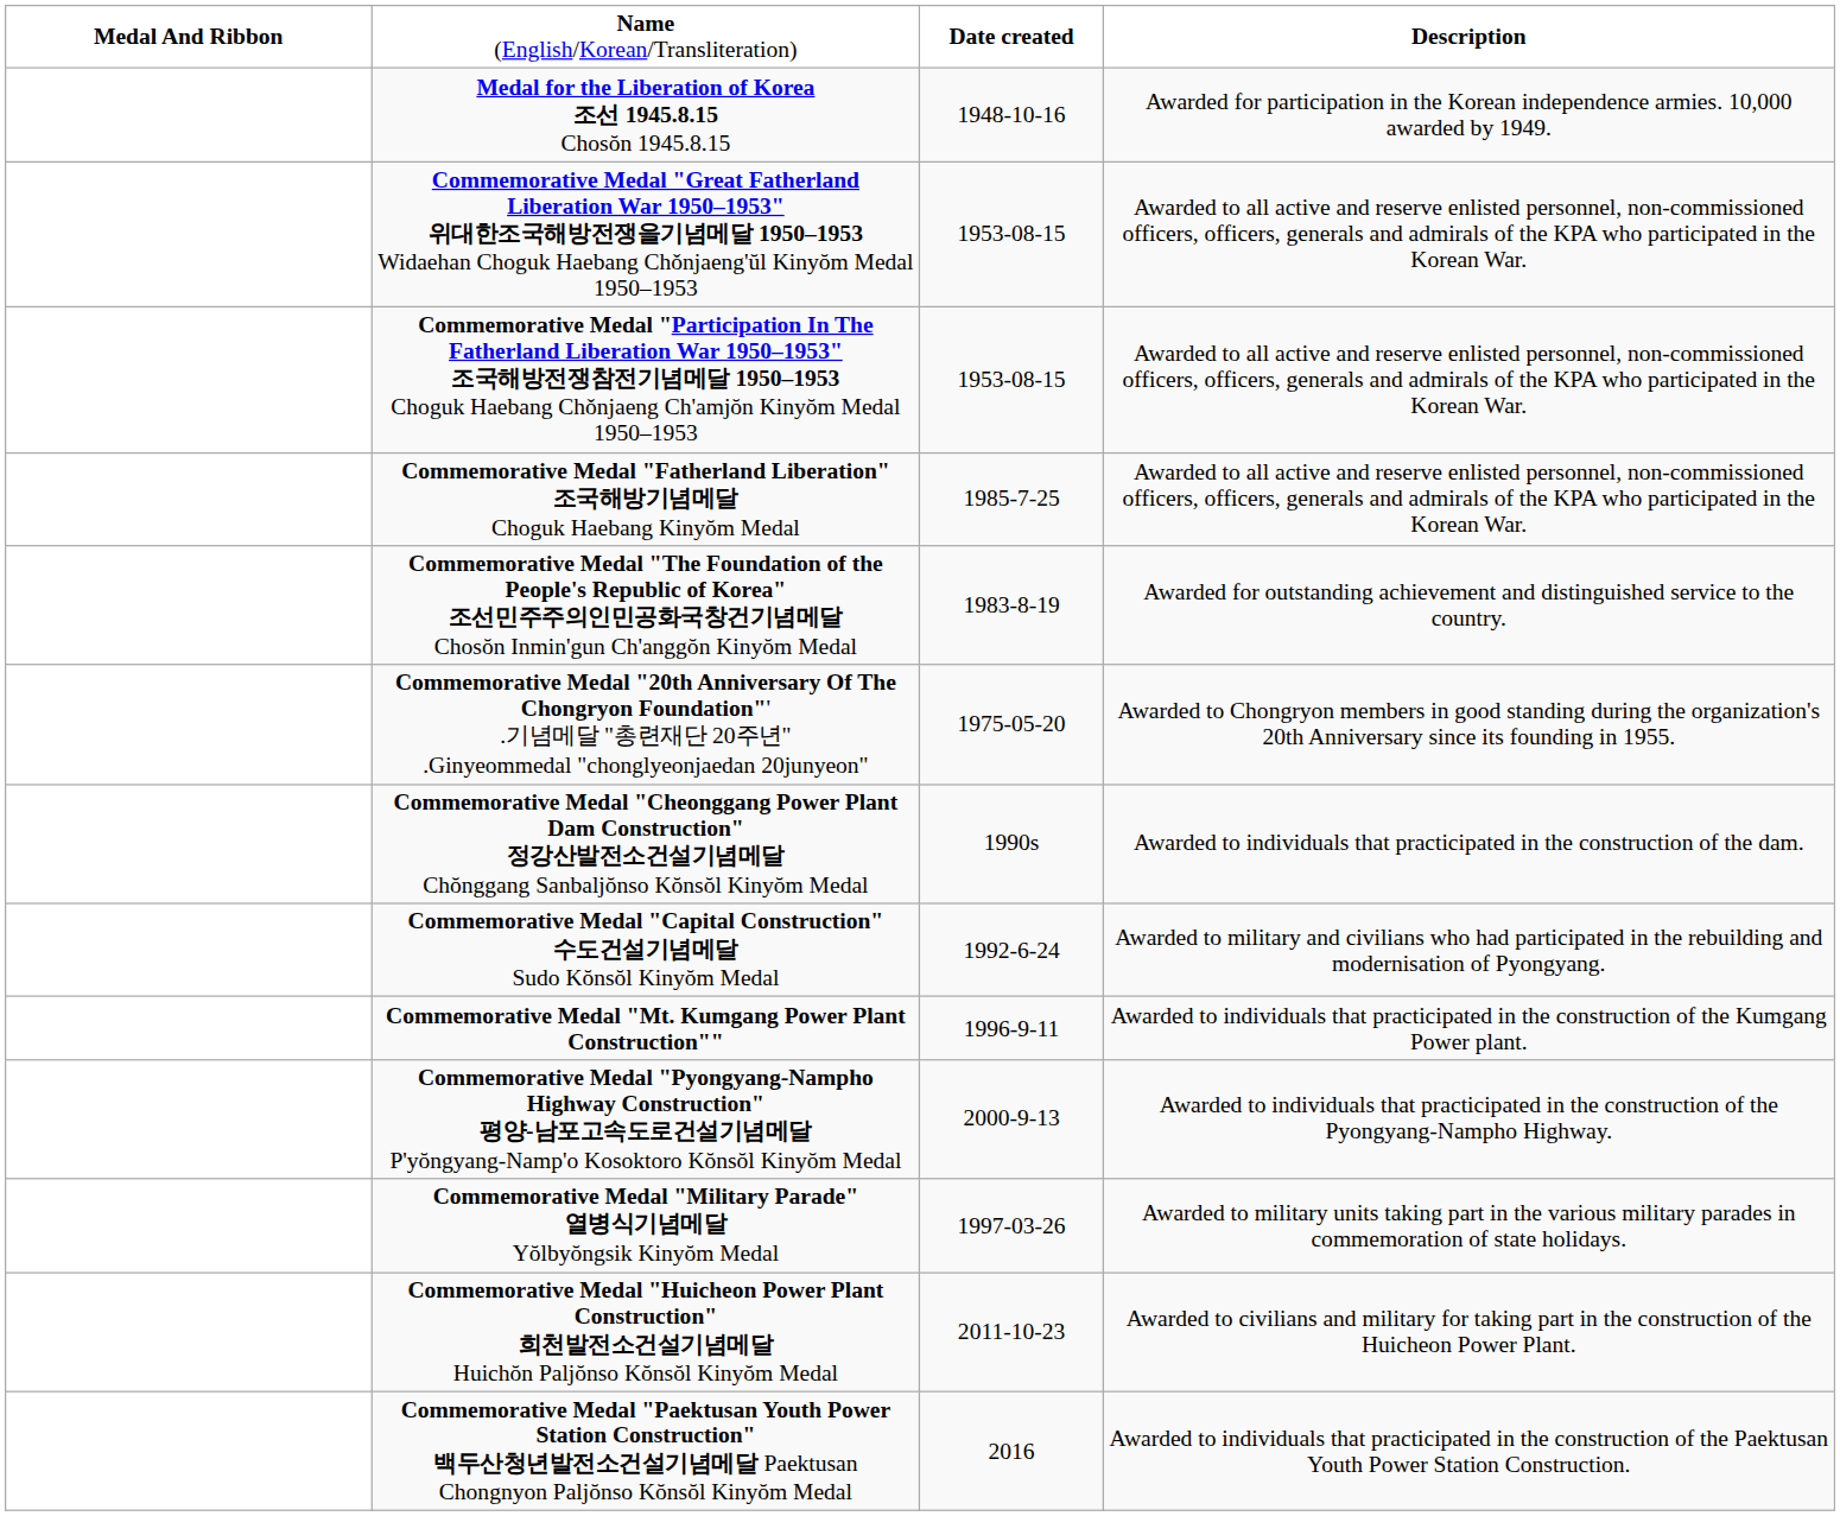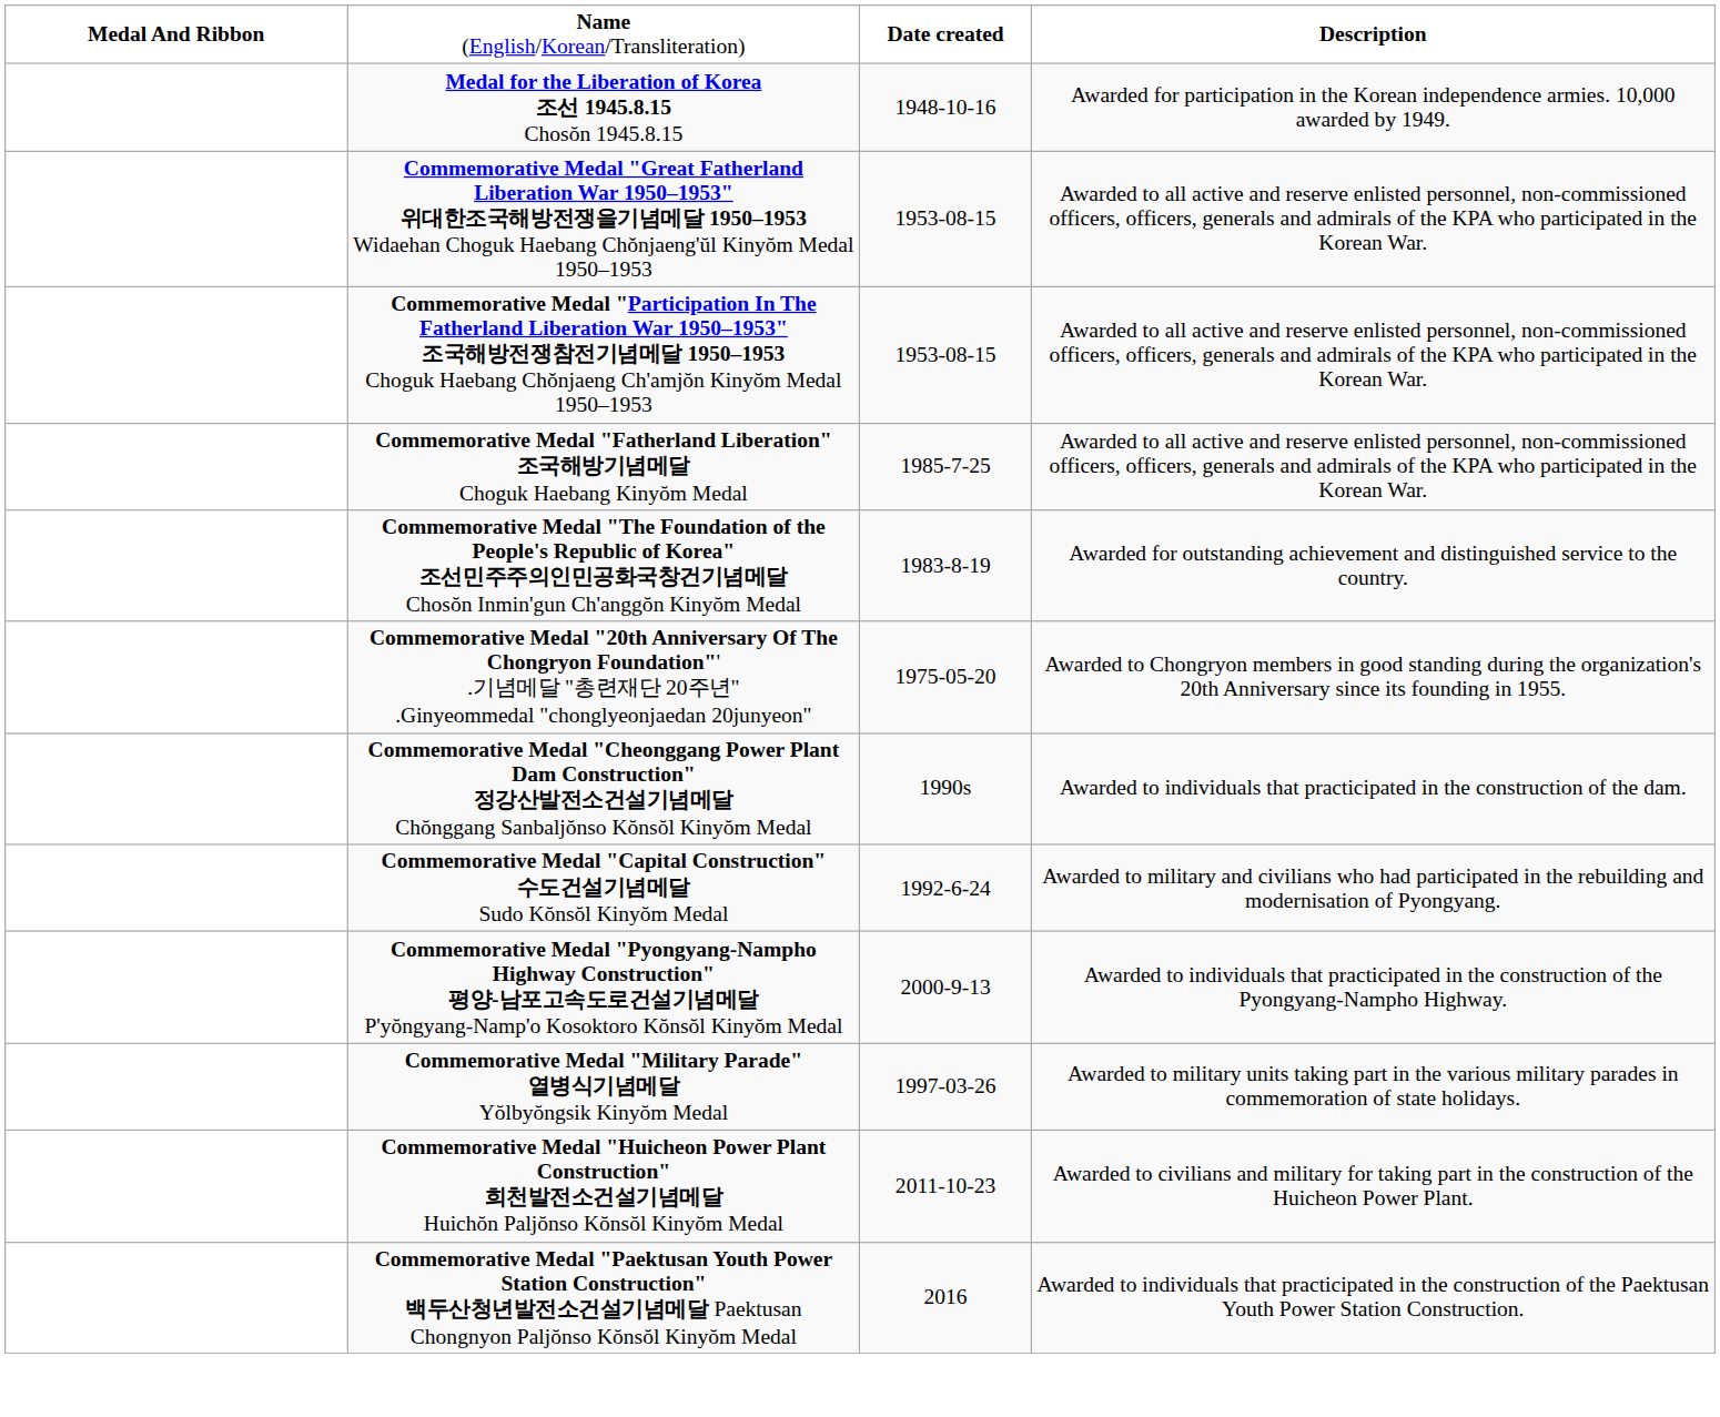 <table class="wikitable" width="100%" style="text-align:center;">
 <tr>
 <td width="20%" bgcolor="#FFFFFF"><strong>Medal And Ribbon</strong></td>
 <td width="30%" bgcolor="#FFFFFF"><strong>Name</strong><br>(<a href='#'>English</a>/<a href='#'>Korean</a>/Transliteration)</td>
 <td width="10%" bgcolor="#FFFFFF"><strong>Date created</strong></td>
 <td width="40%" bgcolor="#FFFFFF"><strong>Description</strong></td>
 </tr>
 <tr>
 <td bgcolor="#FFFFFF"><br></td>
 <td><strong><a href='#'>Medal for the Liberation of Korea</a></strong><br><strong>조선 1945.8.15</strong><br>Chosŏn 1945.8.15 </td>
 <td>1948-10-16</td>
 <td>Awarded for participation in the Korean independence armies. 10,000 awarded by 1949.</td>
 </tr>
 <tr>
 <td bgcolor="#FFFFFF"></td>
 <td><strong><a href='#'>Commemorative Medal "Great Fatherland Liberation War 1950–1953"</a></strong><br><strong>위대한조국해방전쟁을기념메달 1950–1953</strong><br>Widaehan Choguk Haebang Chǒnjaeng'ŭl Kinyŏm Medal 1950–1953</td>
 <td>1953-08-15</td>
 <td>Awarded to all active and reserve enlisted personnel, non-commissioned officers, officers, generals and admirals of the KPA who participated in the Korean War.</td>
 </tr>
 <tr>
 <td bgcolor="#FFFFFF"></td>
 <td><strong>Commemorative Medal "<a href='#'>Participation In The Fatherland Liberation War 1950–1953"</a></strong><br><strong>조국해방전쟁참전기념메달 1950–1953</strong><br>Choguk Haebang Chǒnjaeng Ch'amjŏn Kinyŏm Medal 1950–1953</td>
 <td>1953-08-15</td>
 <td>Awarded to all active and reserve enlisted personnel, non-commissioned officers, officers, generals and admirals of the KPA who participated in the Korean War.</td>
 </tr>
 <tr>
 <td bgcolor="#FFFFFF"><br></td>
 <td><strong>Commemorative Medal "Fatherland Liberation"</strong><br><strong>조국해방기념메달</strong><br>Choguk Haebang Kinyŏm Medal</td>
 <td>1985-7-25</td>
 <td>Awarded to all active and reserve enlisted personnel, non-commissioned officers, officers, generals and admirals of the KPA who participated in the Korean War.</td>
 </tr>
 <tr>
 <td bgcolor="#FFFFFF"></td>
 <td><strong>Commemorative Medal "The Foundation of the People's Republic of Korea"</strong><br><strong>조선민주주의인민공화국창건기념메달</strong><br>Chosŏn Inmin'gun Ch'anggŏn Kinyŏm Medal</td>
 <td>1983-8-19</td>
 <td>Awarded for outstanding achievement and distinguished service to the country.</td>
 </tr>
 <tr>
 <td bgcolor="#FFFFFF"></td>
 <td><strong>Commemorative Medal "20th Anniversary Of The Chongryon Foundation"</strong>'<br>.기념메달 "총련재단 20주년"<br>.Ginyeommedal "chonglyeonjaedan 20junyeon"</td>
 <td>1975-05-20</td>
 <td>Awarded to Chongryon members in good standing during the organization's 20th Anniversary since its founding in 1955.</td>
 </tr>
 <tr>
 <td bgcolor="#FFFFFF"></td>
 <td><strong>Commemorative Medal "Cheonggang Power Plant Dam Construction"</strong><br><strong>정강산발전소건설기념메달</strong><br>Chŏnggang Sanbaljŏnso Kŏnsŏl Kinyŏm Medal</td>
 <td>1990s</td>
 <td>Awarded to individuals that practicipated in the construction of the dam.</td>
 </tr>
 <tr>
 <td bgcolor="#FFFFFF"><br></td>
 <td><strong>Commemorative Medal "Capital Construction"</strong><br><strong>수도건설기념메달</strong><br>Sudo Kŏnsŏl Kinyŏm Medal</td>
 <td>1992-6-24</td>
 <td>Awarded to military and civilians who had participated in the rebuilding and modernisation of Pyongyang.</td>
 </tr>
 <tr>
 <td bgcolor="#FFFFFF"></td>
-<td><strong>Commemorative Medal "Mt. Kumgang Power Plant Construction""</strong></td>
-<td>1996-9-11</td>
-<td>Awarded to individuals that practicipated in the construction of the Kumgang Power plant.</td>
-</tr>
-<tr>
-<td bgcolor="#FFFFFF"></td>
 <td><strong>Commemorative Medal "Pyongyang-Nampho Highway Construction"</strong><br><strong>평양-남포고속도로건설기념메달</strong><br>P'yŏngyang-Namp'o Kosoktoro Kŏnsŏl Kinyŏm Medal</td>
 <td>2000-9-13</td>
 <td>Awarded to individuals that practicipated in the construction of the Pyongyang-Nampho Highway.</td>
 </tr>
 <tr>
 <td bgcolor="#FFFFFF"></td>
 <td><strong>Commemorative Medal "Military Parade"</strong><br><strong>열병식기념메달</strong><br>Yŏlbyŏngsik Kinyŏm Medal</td>
 <td>1997-03-26</td>
 <td>Awarded to military units taking part in the various military parades in commemoration of state holidays.</td>
 </tr>
 <tr>
 <td bgcolor="#FFFFFF"></td>
 <td><strong>Commemorative Medal "Huicheon Power Plant Construction"</strong><br><strong>희천발전소건설기념메달</strong><br>Huichŏn Paljŏnso Kŏnsŏl Kinyŏm Medal</td>
 <td>2011-10-23</td>
 <td>Awarded to civilians and military for taking part in the construction of the Huicheon Power Plant.</td>
 </tr>
 <tr>
 <td bgcolor="#FFFFFF"></td>
 <td><strong>Commemorative Medal "Paektusan Youth Power Station Construction"</strong><br><strong>백두산청년발전소건설기념메달</strong> Paektusan Chongnyon Paljŏnso Kŏnsŏl Kinyŏm Medal</td>
 <td>2016</td>
 <td>Awarded to individuals that practicipated in the construction of the Paektusan Youth Power Station Construction.</td>
 </tr>
 </table>
